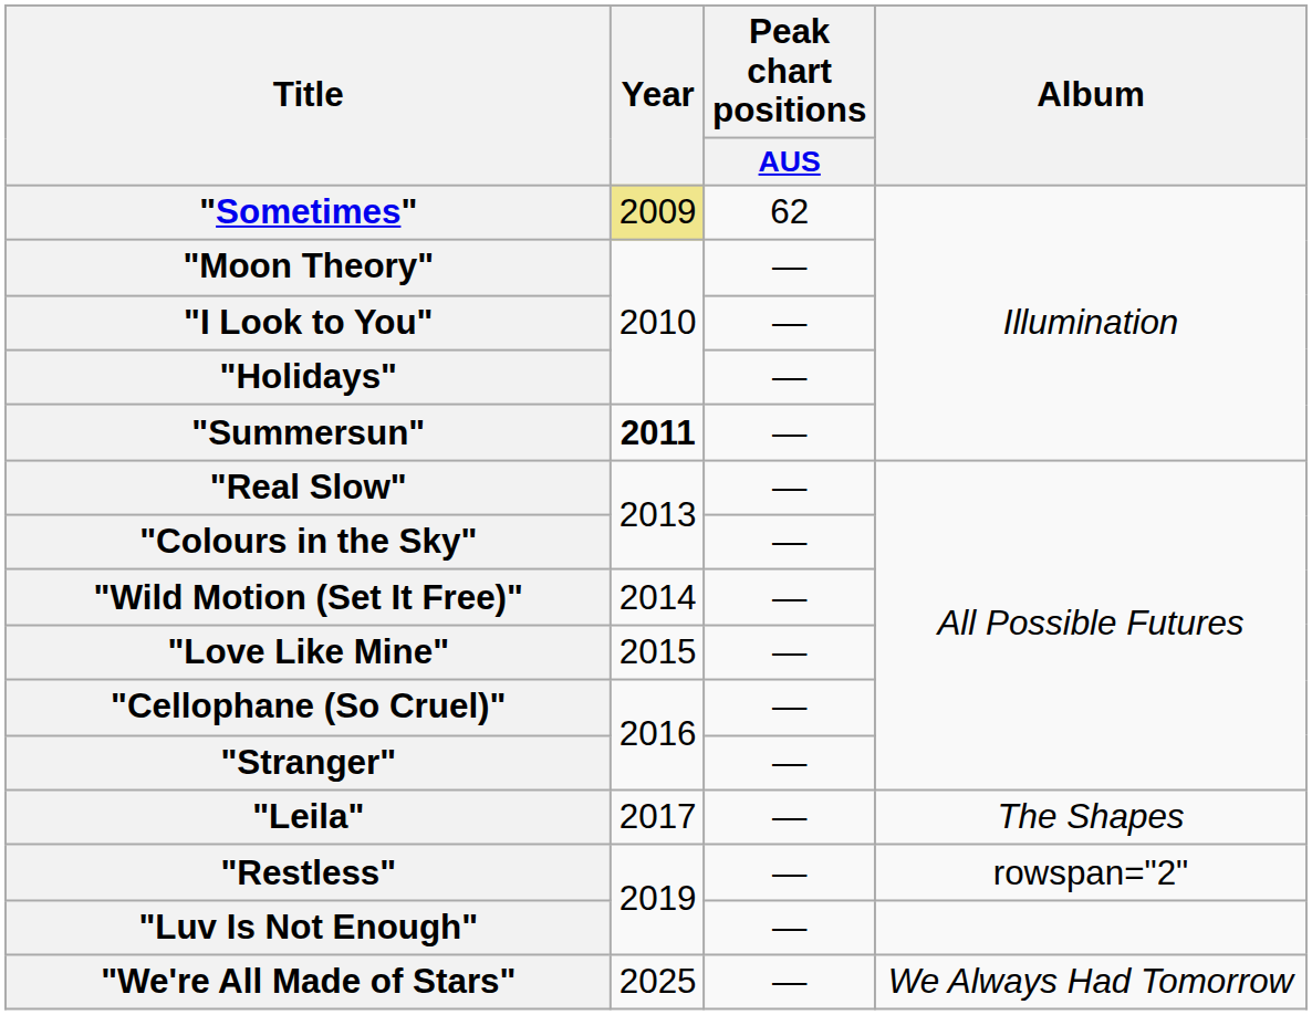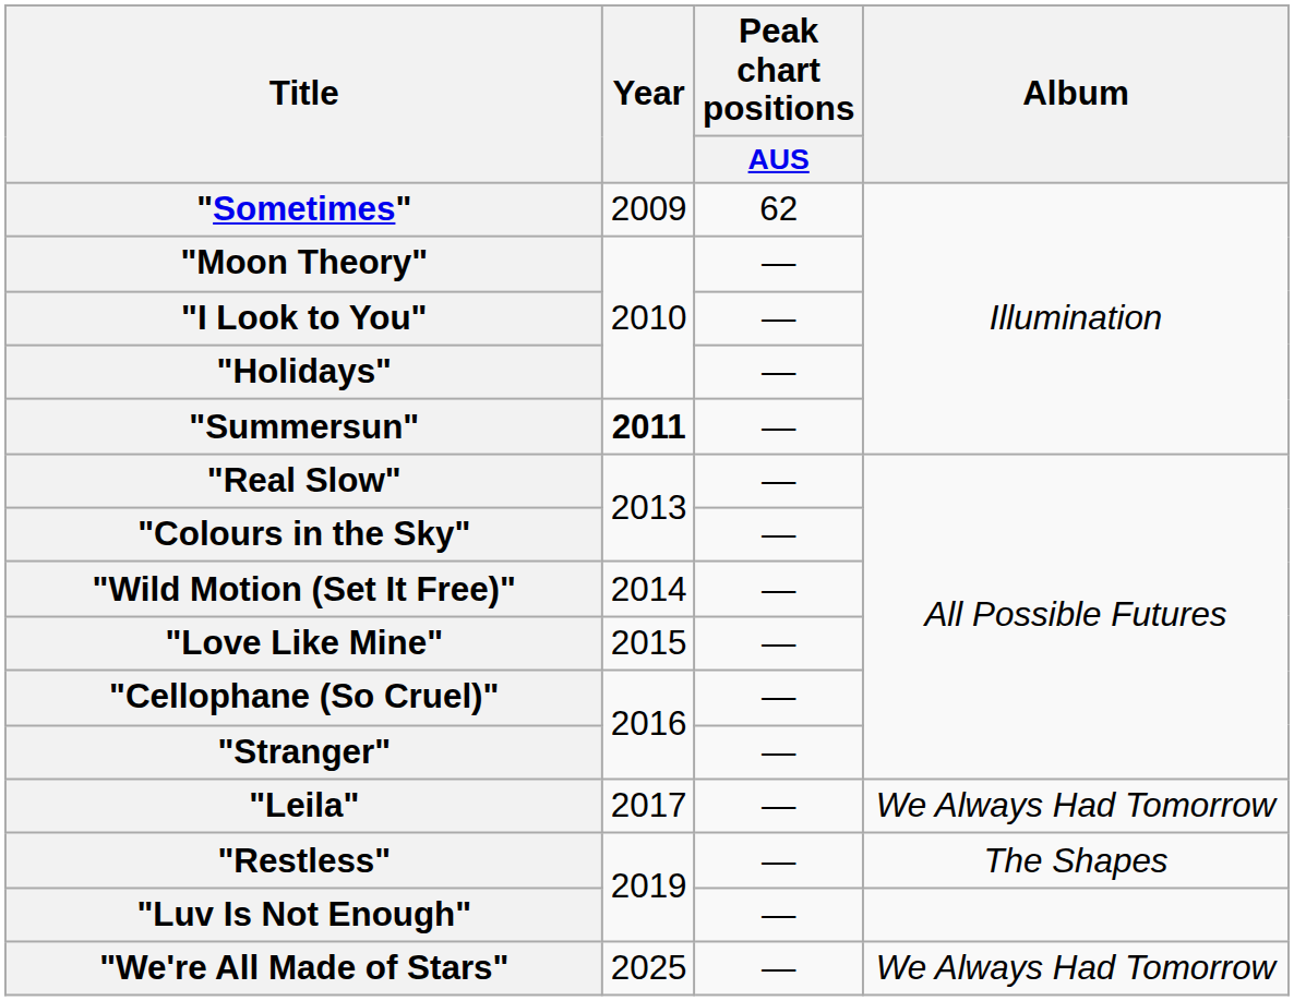 <table class="wikitable plainrowheaders" style="text-align:center">
 <tr>
 <th scope="col" rowspan="2" style="width:17em;">Title</th>
 <th scope="col" rowspan="2">Year</th>
 <th scope="col" colspan="1">Peak chart positions</th>
 <th scope="col" rowspan="2" style="width:12em;">Album</th>
 </tr>
 <tr>
 <th scope="col" style="width:3em;font-size:85%"><a href='#'>AUS</a><br></th>
 </tr>
 <tr>
 <th scope="row">"<a href='#'>Sometimes</a>"</th>
-<td style="background: khaki;">2009</td>
+<td>2009</td>
 <td>62</td>
 <td rowspan="5"><em>Illumination</em></td>
 </tr>
 <tr>
 <th scope="row">"Moon Theory"</th>
 <td rowspan="3">2010</td>
 <td>—</td>
 </tr>
 <tr>
 <th scope="row">"I Look to You"<br></th>
 <td>—</td>
 </tr>
 <tr>
 <th scope="row">"Holidays"<br></th>
 <td>—</td>
 </tr>
 <tr>
 <th scope="row">"Summersun"</th>
 <td><strong>2011</strong></td>
 <td>—</td>
 </tr>
 <tr>
 <th scope="row">"Real Slow"</th>
 <td rowspan="2">2013</td>
 <td>—</td>
 <td rowspan="6"><em>All Possible Futures</em></td>
 </tr>
 <tr>
 <th scope="row">"Colours in the Sky"<br></th>
 <td>—</td>
 </tr>
 <tr>
 <th scope="row">"Wild Motion (Set It Free)"</th>
 <td>2014</td>
 <td>—</td>
 </tr>
 <tr>
 <th scope="row">"Love Like Mine"</th>
 <td>2015</td>
 <td>—</td>
 </tr>
 <tr>
 <th scope="row">"Cellophane (So Cruel)"<br></th>
 <td rowspan="2">2016</td>
 <td>—</td>
 </tr>
 <tr>
 <th scope="row">"Stranger"<br></th>
 <td>—</td>
 </tr>
 <tr>
 <th scope="row">"Leila"</th>
 <td>2017</td>
 <td>—</td>
-<td><em>The Shapes</em></td>
+<td><em>We Always Had Tomorrow</em></td>
 </tr>
 <tr>
 <th scope="row">"Restless"</th>
 <td rowspan="2">2019</td>
 <td>—</td>
-<td>rowspan="2" </td>
+<td><em>The Shapes</em></td>
 </tr>
 <tr>
 <th scope="row">"Luv Is Not Enough"</th>
 <td>—</td>
 </tr>
 <tr>
 <th scope="row">"We're All Made of Stars"<br></th>
 <td>2025</td>
 <td>—</td>
 <td><em>We Always Had Tomorrow</em></td>
 </tr>
 </table>
